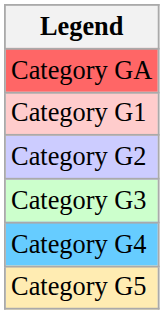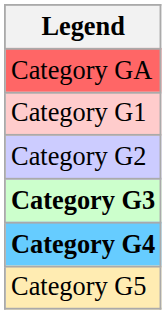 <table class= wikitable style=font-size:90%>
 <tr>
 <th>Legend</th>
 </tr>
 <tr bgcolor=#FF6666>
 <td>Category GA</td>
 </tr>
 <tr bgcolor=#ffcccc>
 <td>Category G1</td>
 </tr>
 <tr bgcolor=#ccccff>
 <td>Category G2</td>
 </tr>
 <tr bgcolor=#CCFFCC>
-<td>Category G3</td>
+<td><strong>Category G3</strong></td>
 </tr>
 <tr bgcolor=#66CCFF>
-<td>Category G4</td>
+<td><strong>Category G4</strong></td>
 </tr>
 <tr bgcolor=#ffecb2>
 <td>Category G5</td>
 </tr>
 </table>
